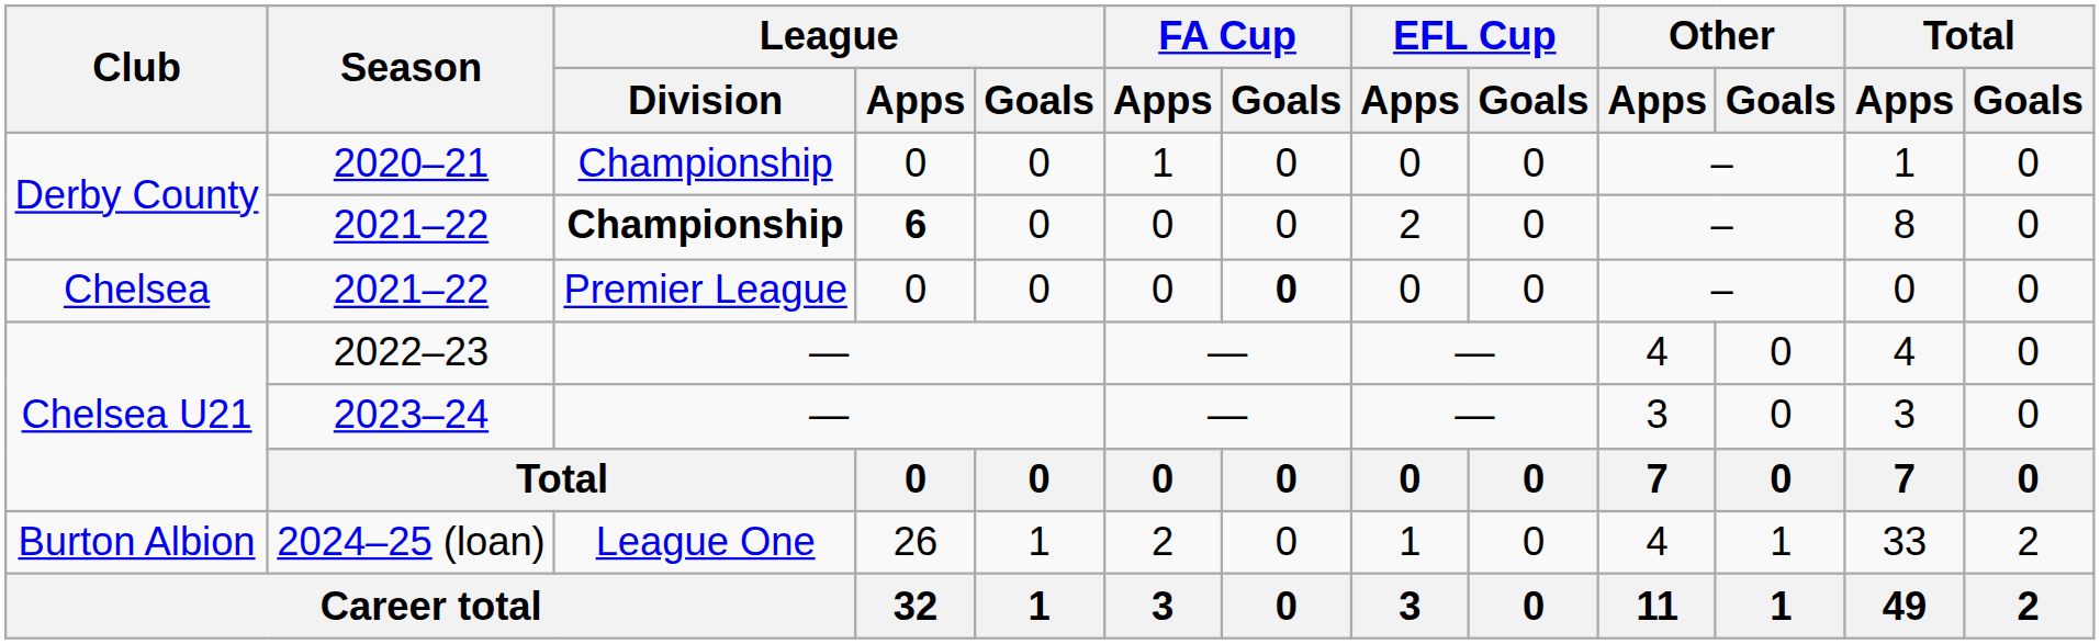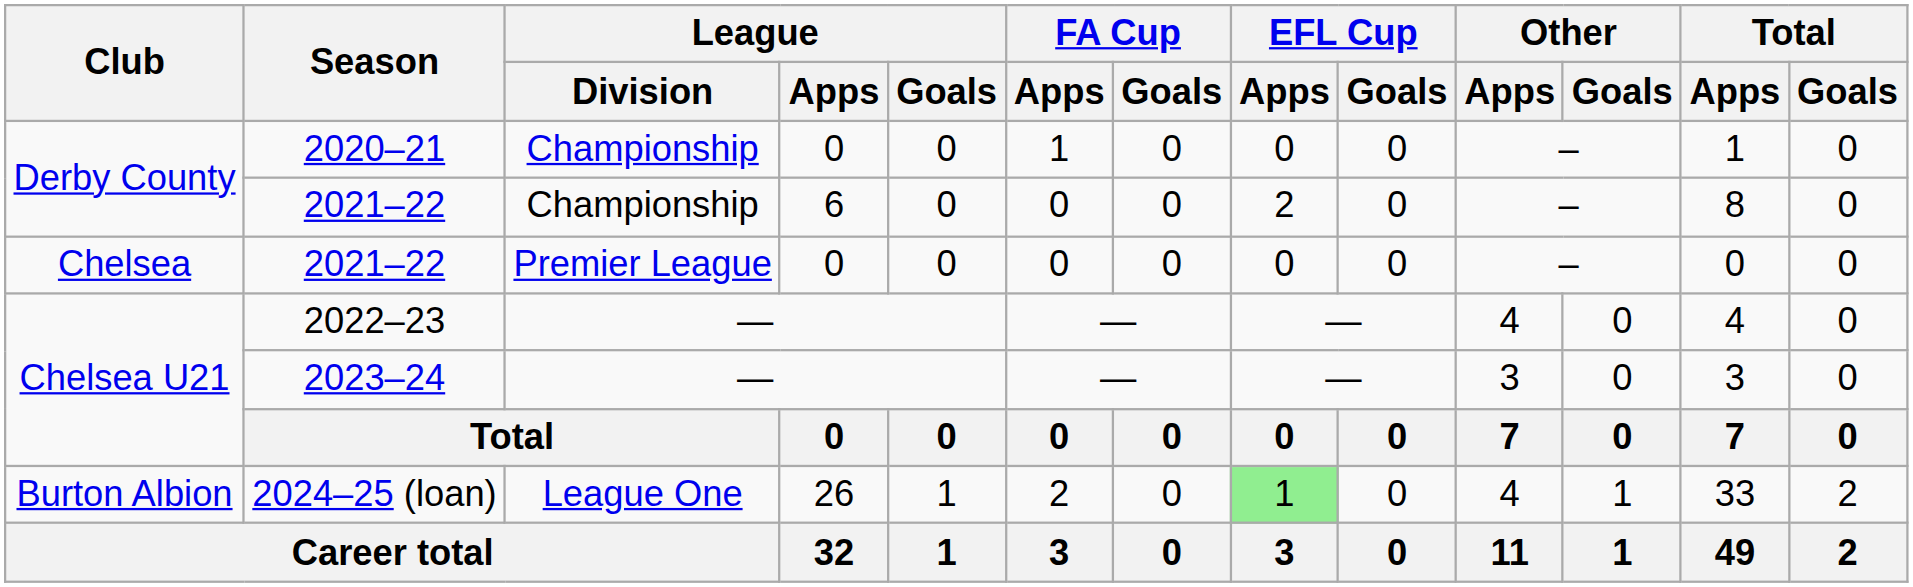 <table class="wikitable" style="text-align:center">
 <tr>
 <th rowspan="2">Club</th>
 <th rowspan="2">Season</th>
 <th colspan="3">League</th>
 <th colspan="2"><a href='#'>FA Cup</a></th>
 <th colspan="2"><a href='#'>EFL Cup</a></th>
 <th colspan="2">Other</th>
 <th colspan="2">Total</th>
 </tr>
 <tr>
 <th>Division</th>
 <th>Apps</th>
 <th>Goals</th>
 <th>Apps</th>
 <th>Goals</th>
 <th>Apps</th>
 <th>Goals</th>
 <th>Apps</th>
 <th>Goals</th>
 <th>Apps</th>
 <th>Goals</th>
 </tr>
 <tr>
 <td rowspan=2><a href='#'>Derby County</a></td>
 <td><a href='#'>2020–21</a></td>
 <td><a href='#'>Championship</a></td>
 <td>0</td>
 <td>0</td>
 <td>1</td>
 <td>0</td>
 <td>0</td>
 <td>0</td>
 <td colspan="2">–</td>
 <td>1</td>
 <td>0</td>
 </tr>
 <tr>
 <td><a href='#'>2021–22</a></td>
-<td><strong>Championship</strong></td>
-<td><strong>6</strong></td>
+<td>Championship</td>
+<td>6</td>
 <td>0</td>
 <td>0</td>
 <td>0</td>
 <td>2</td>
 <td>0</td>
 <td colspan="2">–</td>
 <td>8</td>
 <td>0</td>
 </tr>
 <tr>
 <td><a href='#'>Chelsea</a></td>
 <td><a href='#'>2021–22</a></td>
 <td><a href='#'>Premier League</a></td>
 <td>0</td>
 <td>0</td>
 <td>0</td>
-<td><strong>0</strong></td>
+<td>0</td>
 <td>0</td>
 <td>0</td>
 <td colspan="2">–</td>
 <td>0</td>
 <td>0</td>
 </tr>
 <tr>
 <td rowspan="3"><a href='#'>Chelsea U21</a></td>
 <td>2022–23</td>
 <td colspan=3>—</td>
 <td colspan=2>—</td>
 <td colspan=2>—</td>
 <td>4</td>
 <td>0</td>
 <td>4</td>
 <td>0</td>
 </tr>
 <tr>
 <td><a href='#'>2023–24</a></td>
 <td colspan=3>—</td>
 <td colspan=2>—</td>
 <td colspan=2>—</td>
 <td>3</td>
 <td>0</td>
 <td>3</td>
 <td>0</td>
 </tr>
 <tr>
 <th colspan=2>Total</th>
 <th>0</th>
 <th>0</th>
 <th>0</th>
 <th>0</th>
 <th>0</th>
 <th>0</th>
 <th>7</th>
 <th>0</th>
 <th>7</th>
 <th>0</th>
 </tr>
 <tr>
 <td><a href='#'>Burton Albion</a></td>
 <td><a href='#'>2024–25</a> (loan)</td>
 <td><a href='#'>League One</a></td>
 <td>26</td>
 <td>1</td>
 <td>2</td>
 <td>0</td>
-<td>1</td>
+<td style="background: lightgreen;">1</td>
 <td>0</td>
 <td>4</td>
 <td>1</td>
 <td>33</td>
 <td>2</td>
 </tr>
 <tr>
 <th colspan="3">Career total</th>
 <th>32</th>
 <th>1</th>
 <th>3</th>
 <th>0</th>
 <th>3</th>
 <th>0</th>
 <th>11</th>
 <th>1</th>
 <th>49</th>
 <th>2</th>
 </tr>
 </table>
